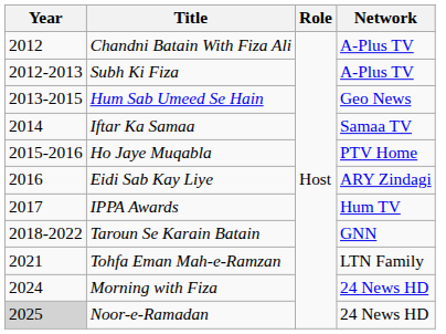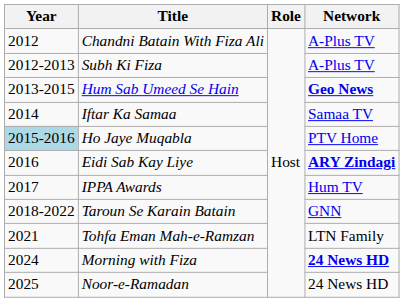 <table class="wikitable sortable plainrowheaders">
 <tr style="background:#ccc; text-align:center;">
 <th>Year</th>
 <th>Title</th>
 <th>Role</th>
 <th>Network</th>
 </tr>
 <tr>
 <td>2012</td>
 <td><em>Chandni Batain With Fiza Ali</em></td>
 <td rowspan="11">Host</td>
 <td><a href='#'>A-Plus TV</a></td>
 </tr>
 <tr>
 <td>2012-2013</td>
 <td><em>Subh Ki Fiza</em></td>
 <td><a href='#'>A-Plus TV</a></td>
 </tr>
 <tr>
 <td>2013-2015</td>
 <td><em><a href='#'>Hum Sab Umeed Se Hain</a></em></td>
-<td><a href='#'>Geo News</a></td>
+<td><strong><a href='#'>Geo News</a></strong></td>
 </tr>
 <tr>
 <td>2014</td>
 <td><em>Iftar Ka Samaa</em></td>
 <td><a href='#'>Samaa TV</a></td>
 </tr>
 <tr>
-<td>2015-2016</td>
+<td style="background: lightblue;">2015-2016</td>
 <td><em>Ho Jaye Muqabla</em></td>
 <td><a href='#'>PTV Home</a></td>
 </tr>
 <tr>
 <td>2016</td>
 <td><em>Eidi Sab Kay Liye</em></td>
-<td><a href='#'>ARY Zindagi</a></td>
+<td><strong><a href='#'>ARY Zindagi</a></strong></td>
 </tr>
 <tr>
 <td>2017</td>
 <td><em>IPPA Awards</em></td>
 <td><a href='#'>Hum TV</a></td>
 </tr>
 <tr>
 <td>2018-2022</td>
 <td><em>Taroun Se Karain Batain</em></td>
 <td><a href='#'>GNN</a></td>
 </tr>
 <tr>
 <td>2021</td>
 <td><em>Tohfa Eman Mah-e-Ramzan</em></td>
 <td>LTN Family</td>
 </tr>
 <tr>
 <td>2024</td>
 <td><em>Morning with Fiza</em></td>
-<td><a href='#'>24 News HD</a></td>
+<td><strong><a href='#'>24 News HD</a></strong></td>
 </tr>
 <tr>
-<td style="background: lightgrey;">2025</td>
+<td>2025</td>
 <td><em>Noor-e-Ramadan</em></td>
 <td>24 News HD</td>
 </tr>
 </table>
